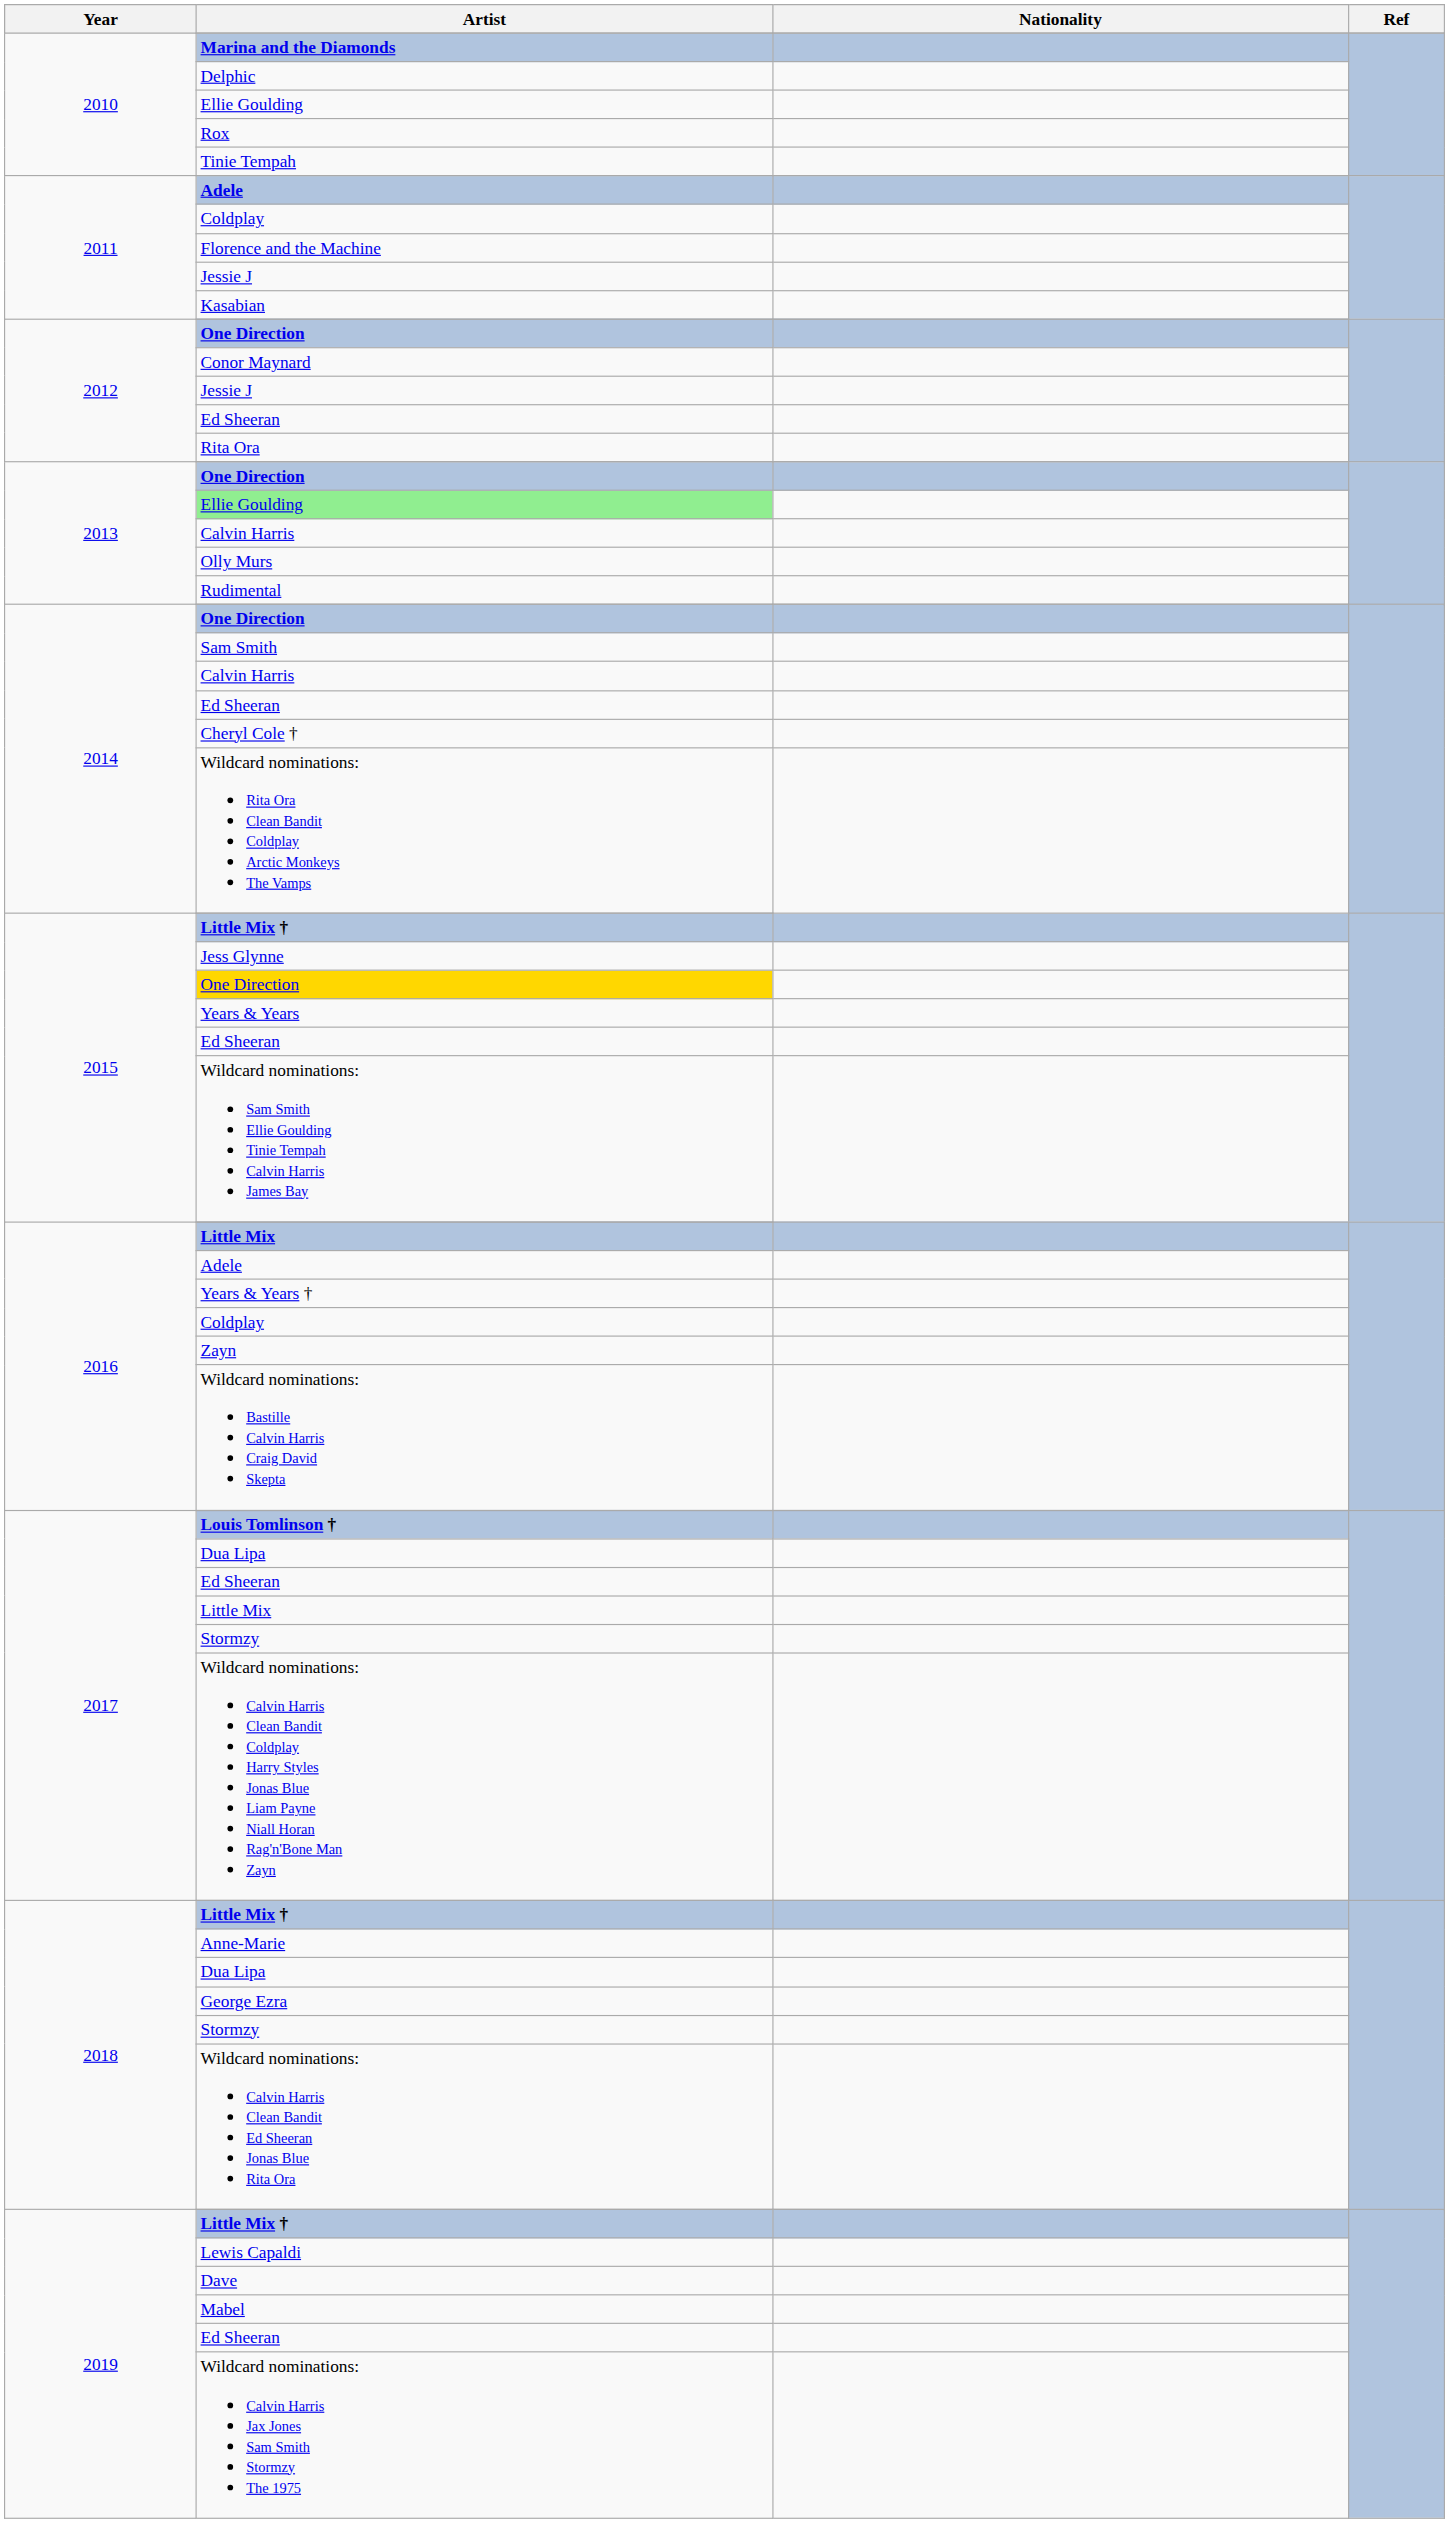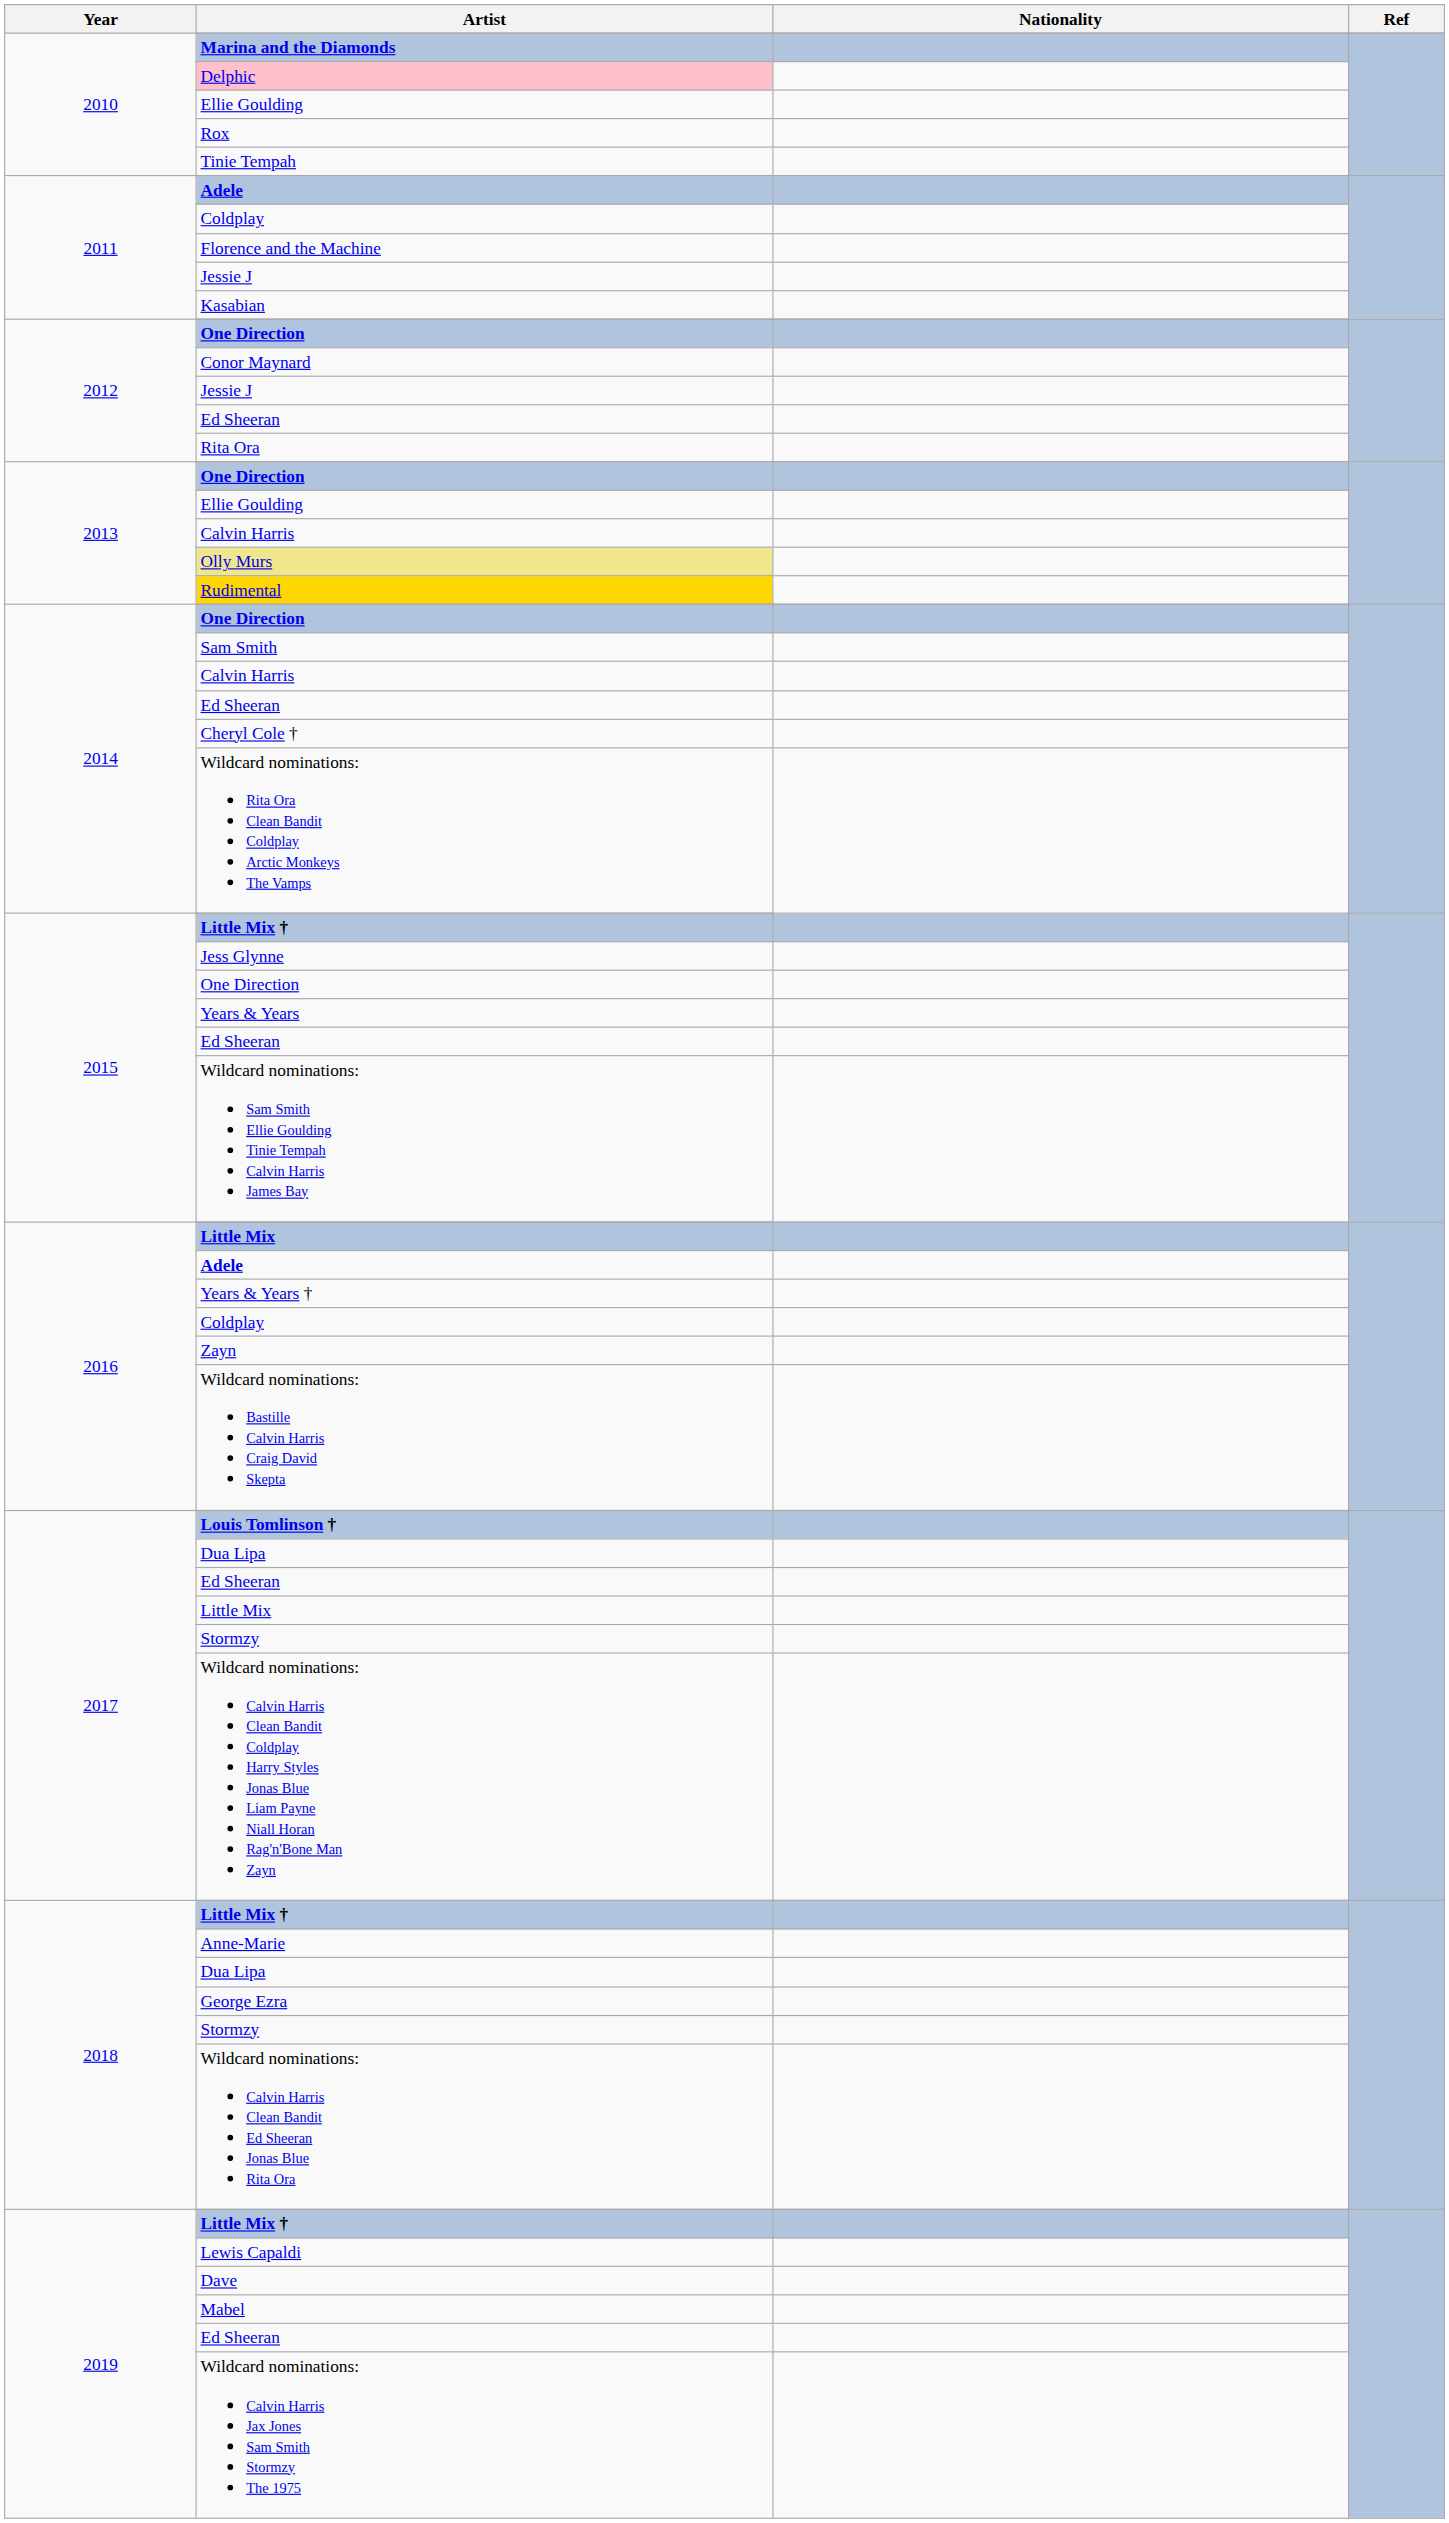 <table class="wikitable sortable plainrowheaders" style="font-size:95%; width:100%;">
 <tr style="background:#bebebe;">
 <th style="width:10%;">Year</th>
 <th style="width:30%;">Artist</th>
 <th style="width:30%;">Nationality</th>
 <th style="width:5%;">Ref</th>
 </tr>
 <tr>
 <td rowspan="6" align="center"><a href='#'>2010</a></td>
 </tr>
 <tr style="background:#B0C4DE">
 <td><strong><a href='#'>Marina and the Diamonds</a> </strong></td>
 <td><strong></strong></td>
 <td rowspan="6" align="center"></td>
 </tr>
 <tr>
-<td><a href='#'>Delphic</a></td>
+<td style="background: pink;"><a href='#'>Delphic</a></td>
 <td></td>
 </tr>
 <tr>
 <td><a href='#'>Ellie Goulding</a></td>
 <td></td>
 </tr>
 <tr>
 <td><a href='#'>Rox</a></td>
 <td></td>
 </tr>
 <tr>
 <td><a href='#'>Tinie Tempah</a></td>
 <td></td>
 </tr>
 <tr>
 <td rowspan="6" align="center"><a href='#'>2011</a></td>
 </tr>
 <tr style="background:#B0C4DE">
 <td><strong><a href='#'>Adele</a></strong></td>
 <td><strong></strong></td>
 <td rowspan="6" align="center"></td>
 </tr>
 <tr>
 <td><a href='#'>Coldplay</a></td>
 <td></td>
 </tr>
 <tr>
 <td><a href='#'>Florence and the Machine</a></td>
 <td></td>
 </tr>
 <tr>
 <td><a href='#'>Jessie J</a></td>
 <td></td>
 </tr>
 <tr>
 <td><a href='#'>Kasabian</a></td>
 <td></td>
 </tr>
 <tr>
 <td rowspan="6" align="center"><a href='#'>2012</a></td>
 </tr>
 <tr style="background:#B0C4DE">
 <td><strong><a href='#'>One Direction</a></strong></td>
 <td><strong></strong></td>
 <td rowspan="6" align="center"></td>
 </tr>
 <tr>
 <td><a href='#'>Conor Maynard</a></td>
 <td></td>
 </tr>
 <tr>
 <td><a href='#'>Jessie J</a></td>
 <td></td>
 </tr>
 <tr>
 <td><a href='#'>Ed Sheeran</a></td>
 <td></td>
 </tr>
 <tr>
 <td><a href='#'>Rita Ora</a></td>
 <td></td>
 </tr>
 <tr>
 <td rowspan="6" align="center"><a href='#'>2013</a></td>
 </tr>
 <tr style="background:#B0C4DE">
 <td><strong><a href='#'>One Direction</a></strong></td>
 <td><strong></strong></td>
 <td rowspan="6" align="center"></td>
 </tr>
 <tr>
-<td style="background: lightgreen;"><a href='#'>Ellie Goulding</a></td>
+<td><a href='#'>Ellie Goulding</a></td>
 <td></td>
 </tr>
 <tr>
 <td><a href='#'>Calvin Harris</a></td>
 <td></td>
 </tr>
 <tr>
-<td><a href='#'>Olly Murs</a></td>
+<td style="background: khaki;"><a href='#'>Olly Murs</a></td>
 <td></td>
 </tr>
 <tr>
-<td><a href='#'>Rudimental</a></td>
+<td style="background: gold;"><a href='#'>Rudimental</a></td>
 <td></td>
 </tr>
 <tr>
 <td rowspan="7" align="center"><a href='#'>2014</a></td>
 </tr>
 <tr style="background:#B0C4DE">
 <td><strong><a href='#'>One Direction</a></strong></td>
 <td><strong></strong></td>
 <td rowspan="7" align="center"></td>
 </tr>
 <tr>
 <td><a href='#'>Sam Smith</a></td>
 <td></td>
 </tr>
 <tr>
 <td><a href='#'>Calvin Harris</a></td>
 <td></td>
 </tr>
 <tr>
 <td><a href='#'>Ed Sheeran</a></td>
 <td></td>
 </tr>
 <tr>
 <td><a href='#'>Cheryl Cole</a> †</td>
 <td></td>
 </tr>
 <tr>
 <td>Wildcard nominations:<br><ul><li><small><a href='#'>Rita Ora</a></small></li><li><small><a href='#'>Clean Bandit</a></small></li><li><small><a href='#'>Coldplay</a></small></li><li><small><a href='#'>Arctic Monkeys</a></small></li><li><small><a href='#'>The Vamps</a></small></li></ul></td>
 </tr>
 <tr>
 <td rowspan="7" align="center"><a href='#'>2015</a></td>
 </tr>
 <tr style="background:#B0C4DE">
 <td><strong><a href='#'>Little Mix</a> †</strong></td>
 <td><strong></strong></td>
 <td rowspan="7" align="center"></td>
 </tr>
 <tr>
 <td><a href='#'>Jess Glynne</a></td>
 <td></td>
 </tr>
 <tr>
-<td style="background: gold;"><a href='#'>One Direction</a></td>
+<td><a href='#'>One Direction</a></td>
 <td></td>
 </tr>
 <tr>
 <td><a href='#'>Years & Years</a></td>
 <td></td>
 </tr>
 <tr>
 <td><a href='#'>Ed Sheeran</a></td>
 <td></td>
 </tr>
 <tr>
 <td>Wildcard nominations:<br><ul><li><small><a href='#'>Sam Smith</a></small></li><li><small><a href='#'>Ellie Goulding</a></small></li><li><small><a href='#'>Tinie Tempah</a></small></li><li><small><a href='#'>Calvin Harris</a></small></li><li><small><a href='#'>James Bay</a></small></li></ul></td>
 </tr>
 <tr>
 <td rowspan="7" align="center"><a href='#'>2016</a></td>
 </tr>
 <tr style="background:#B0C4DE">
 <td><strong><a href='#'>Little Mix</a></strong></td>
 <td><strong></strong></td>
 <td rowspan="7" align="center"></td>
 </tr>
 <tr>
-<td><a href='#'>Adele</a></td>
+<td><strong><a href='#'>Adele</a></strong></td>
 <td></td>
 </tr>
 <tr>
 <td><a href='#'>Years & Years</a> †</td>
 <td></td>
 </tr>
 <tr>
 <td><a href='#'>Coldplay</a></td>
 <td></td>
 </tr>
 <tr>
 <td><a href='#'>Zayn</a></td>
 <td></td>
 </tr>
 <tr>
 <td>Wildcard nominations:<br><ul><li><small><a href='#'>Bastille</a></small></li><li><small><a href='#'>Calvin Harris</a></small></li><li><small><a href='#'>Craig David</a></small></li><li><small><a href='#'>Skepta</a></small></li></ul></td>
 <td></td>
 </tr>
 <tr>
 <td rowspan="7" align="center"><a href='#'>2017</a></td>
 </tr>
 <tr style="background:#B0C4DE">
 <td><strong><a href='#'>Louis Tomlinson</a> †</strong></td>
 <td><strong></strong></td>
 <td rowspan="7" align="center"></td>
 </tr>
 <tr>
 <td><a href='#'>Dua Lipa</a></td>
 <td></td>
 </tr>
 <tr>
 <td><a href='#'>Ed Sheeran</a></td>
 <td></td>
 </tr>
 <tr>
 <td><a href='#'>Little Mix</a></td>
 <td></td>
 </tr>
 <tr>
 <td><a href='#'>Stormzy</a></td>
 <td></td>
 </tr>
 <tr>
 <td>Wildcard nominations:<br><ul><li><small><a href='#'>Calvin Harris</a></small></li><li><small><a href='#'>Clean Bandit</a></small></li><li><small><a href='#'>Coldplay</a></small></li><li><small><a href='#'>Harry Styles</a></small></li><li><small><a href='#'>Jonas Blue</a></small></li><li><small><a href='#'>Liam Payne</a></small></li><li><small><a href='#'>Niall Horan</a></small></li><li><small><a href='#'>Rag'n'Bone Man</a></small></li><li><small><a href='#'>Zayn</a></small></li></ul></td>
 <td></td>
 </tr>
 <tr>
 <td rowspan="7" align="center"><a href='#'>2018</a></td>
 </tr>
 <tr style="background:#B0C4DE">
 <td><strong><a href='#'>Little Mix</a> †</strong></td>
 <td><strong></strong></td>
 <td rowspan="7" align="center"></td>
 </tr>
 <tr>
 <td><a href='#'>Anne-Marie</a></td>
 <td></td>
 </tr>
 <tr>
 <td><a href='#'>Dua Lipa</a></td>
 <td></td>
 </tr>
 <tr>
 <td><a href='#'>George Ezra</a></td>
 <td></td>
 </tr>
 <tr>
 <td><a href='#'>Stormzy</a></td>
 <td></td>
 </tr>
 <tr>
 <td>Wildcard nominations:<br><ul><li><small><a href='#'>Calvin Harris</a></small></li><li><small><a href='#'>Clean Bandit</a></small></li><li><small><a href='#'>Ed Sheeran</a></small></li><li><small><a href='#'>Jonas Blue</a></small></li><li><small><a href='#'>Rita Ora</a></small></li></ul></td>
 <td></td>
 </tr>
 <tr>
 <td rowspan="7" align="center"><a href='#'>2019</a></td>
 </tr>
 <tr style="background:#B0C4DE">
 <td><strong><a href='#'>Little Mix</a> †</strong></td>
 <td><strong></strong></td>
 <td rowspan="7" align="center"></td>
 </tr>
 <tr>
 <td><a href='#'>Lewis Capaldi</a></td>
 <td></td>
 </tr>
 <tr>
 <td><a href='#'>Dave</a></td>
 <td></td>
 </tr>
 <tr>
 <td><a href='#'>Mabel</a></td>
 <td></td>
 </tr>
 <tr>
 <td><a href='#'>Ed Sheeran</a></td>
 <td></td>
 </tr>
 <tr>
 <td>Wildcard nominations:<br><ul><li><small><a href='#'>Calvin Harris</a></small></li><li><small><a href='#'>Jax Jones</a></small></li><li><small><a href='#'>Sam Smith</a></small></li><li><small><a href='#'>Stormzy</a></small></li><li><small><a href='#'>The 1975</a></small></li></ul></td>
 <td></td>
 </tr>
 </table>
